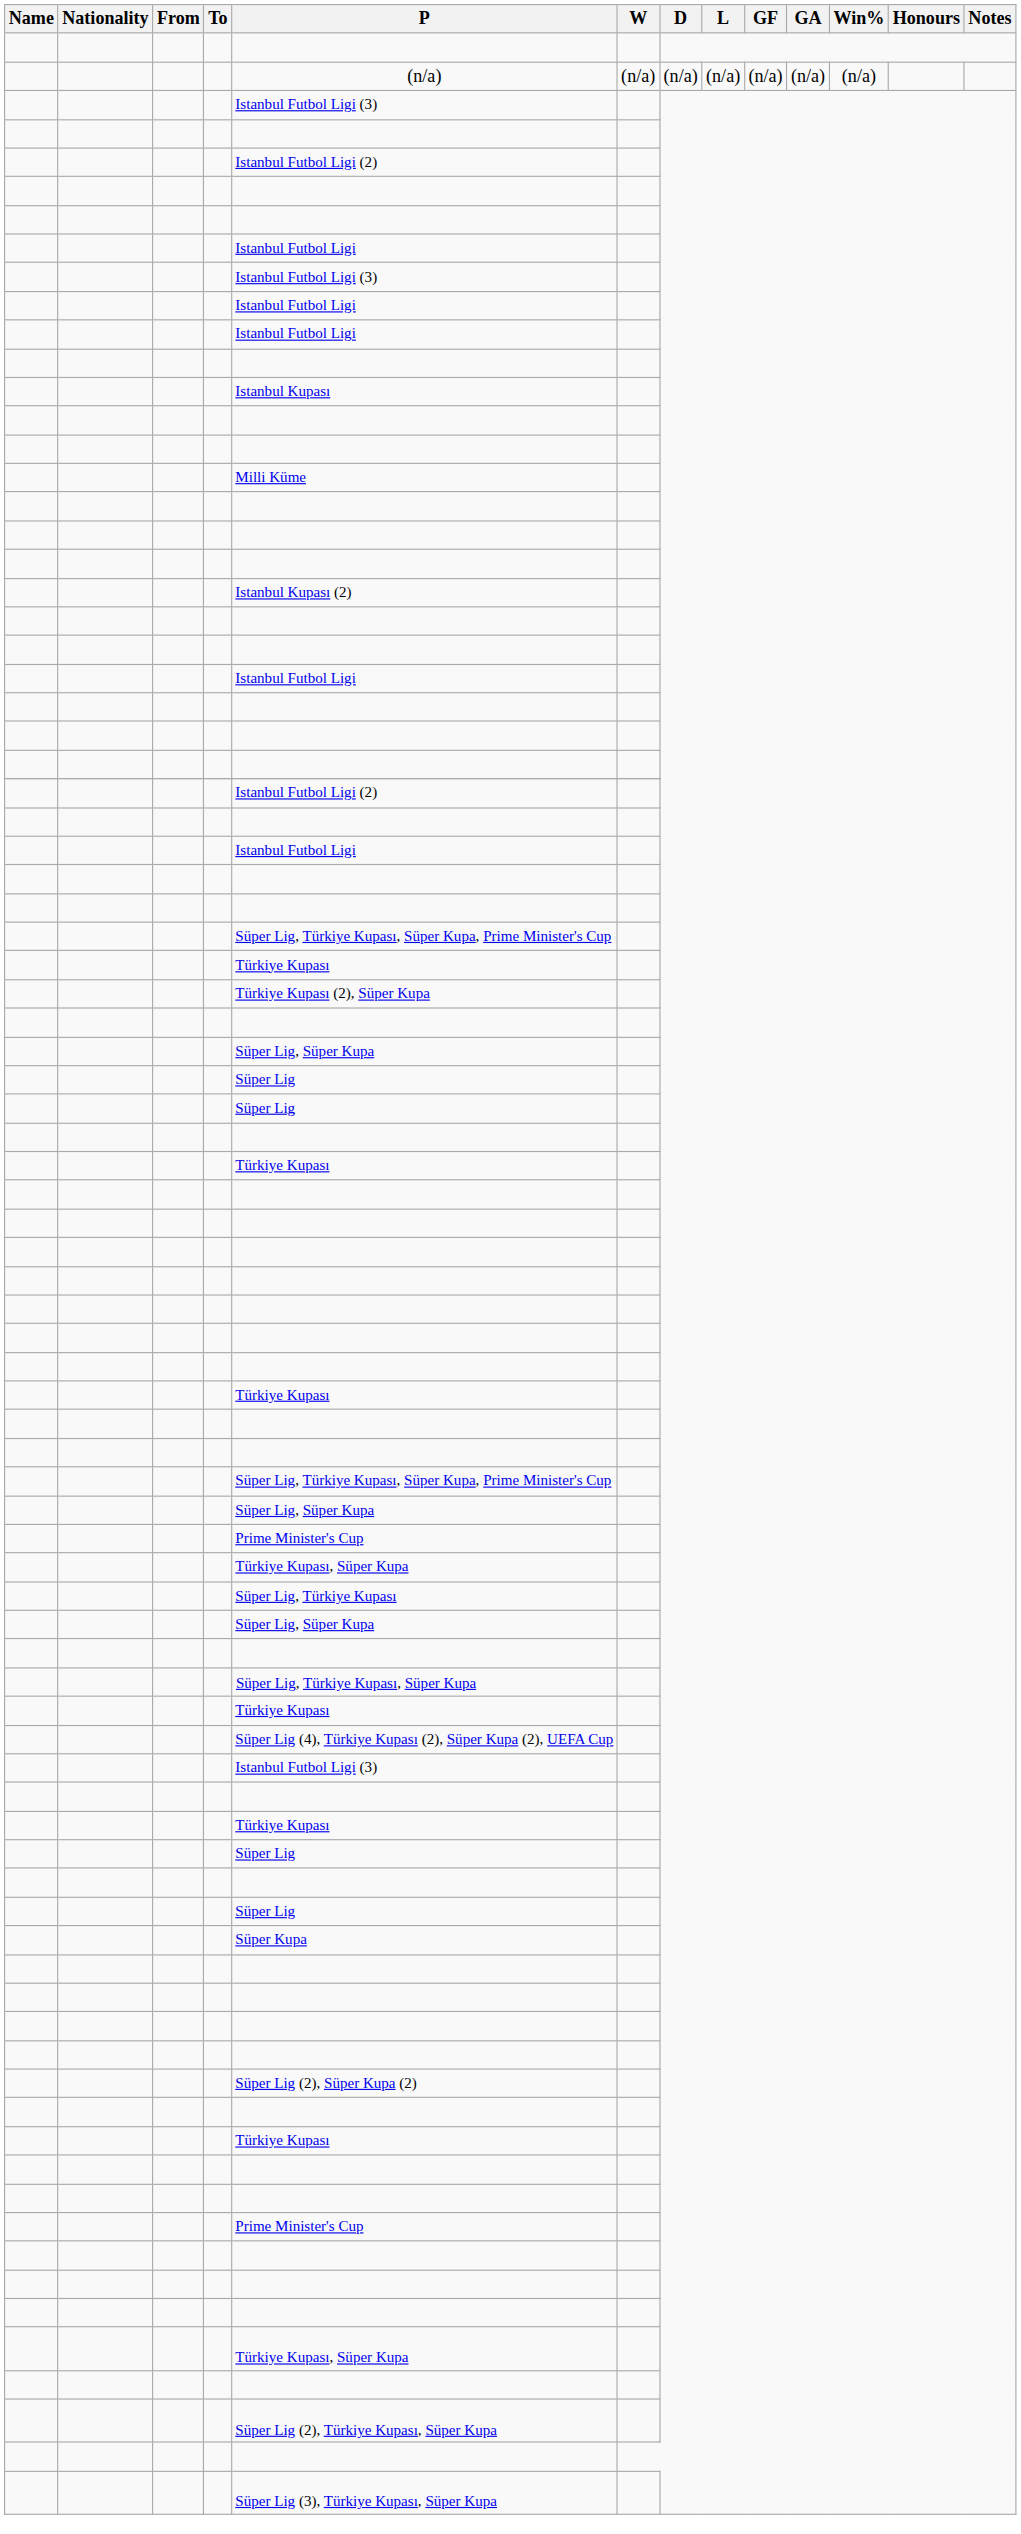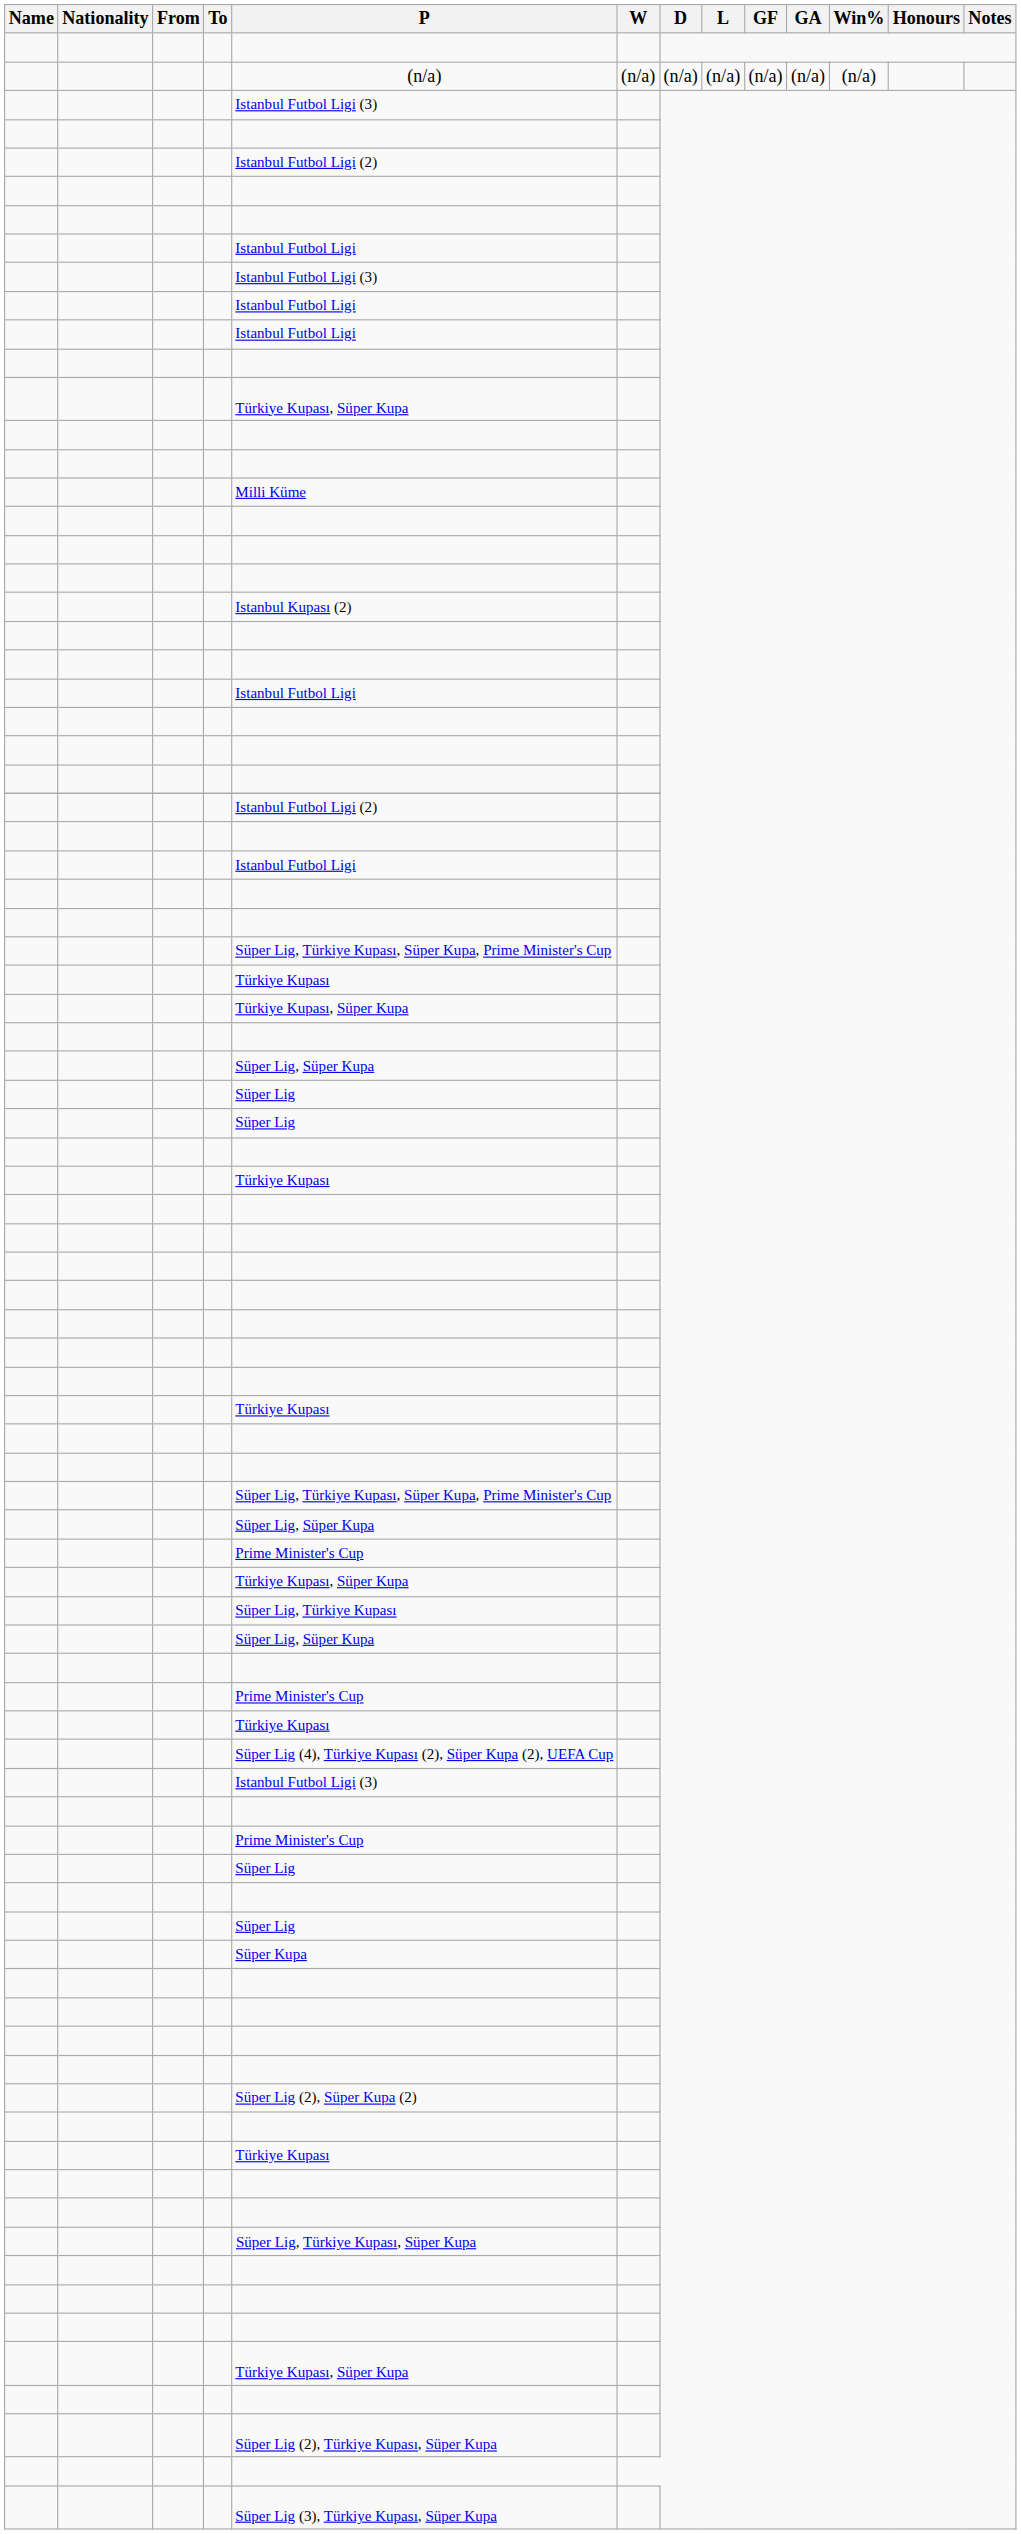 <table class="wikitable sortable">
 <tr>
 <th>Name</th>
 <th>Nationality</th>
 <th>From</th>
 <th class="unsortable">To</th>
 <th>P</th>
 <th>W</th>
 <th>D</th>
 <th>L</th>
 <th>GF</th>
 <th>GA</th>
 <th>Win%</th>
 <th class="unsortable">Honours</th>
 <th class="unsortable">Notes</th>
 </tr>
 <tr>
 <td align=left></td>
 <td></td>
 <td align=left></td>
 <td align=left><br></td>
 <td align=left></td>
 <td></td>
 </tr>
 <tr>
 <td align=left></td>
 <td></td>
 <td align=left></td>
 <td align=left></td>
 <td align=center>(n/a)</td>
 <td align=center>(n/a)</td>
 <td align=center>(n/a)</td>
 <td align=center>(n/a)</td>
 <td align=center>(n/a)</td>
 <td align=center>(n/a)</td>
 <td align=center>(n/a)</td>
 <td align=left></td>
 <td></td>
 </tr>
 <tr>
 <td align=left></td>
 <td></td>
 <td align=left></td>
 <td align=left><br></td>
 <td style="text-align:left;font-size:smaller"><a href='#'>Istanbul Futbol Ligi</a> (3)</td>
 <td></td>
 </tr>
 <tr>
 <td align=left></td>
 <td></td>
 <td align=left></td>
 <td align=left><br></td>
 <td align=left></td>
 <td></td>
 </tr>
 <tr>
 <td align=left></td>
 <td></td>
 <td align=left></td>
 <td align=left><br></td>
 <td style="text-align:left;font-size:smaller"><a href='#'>Istanbul Futbol Ligi</a> (2)</td>
 <td></td>
 </tr>
 <tr>
 <td align=left></td>
 <td></td>
 <td align=left></td>
 <td align=left><br></td>
 <td align=left></td>
 <td></td>
 </tr>
 <tr>
 <td align=left></td>
 <td></td>
 <td align=left></td>
 <td align=left><br></td>
 <td align=left></td>
 <td></td>
 </tr>
 <tr>
 <td align=left></td>
 <td></td>
 <td align=left></td>
 <td align=left><br></td>
 <td style="text-align:left;font-size:smaller"><a href='#'>Istanbul Futbol Ligi</a></td>
 <td></td>
 </tr>
 <tr>
 <td align=left></td>
 <td></td>
 <td align=left></td>
 <td align=left><br></td>
 <td style="text-align:left;font-size:smaller"><a href='#'>Istanbul Futbol Ligi</a> (3)</td>
 <td></td>
 </tr>
 <tr>
 <td align=left></td>
 <td></td>
 <td align=left></td>
 <td align=left><br></td>
 <td style="text-align:left;font-size:smaller"><a href='#'>Istanbul Futbol Ligi</a></td>
 <td></td>
 </tr>
 <tr>
 <td align=left></td>
 <td></td>
 <td align=left></td>
 <td align=left><br></td>
 <td style="text-align:left;font-size:smaller"><a href='#'>Istanbul Futbol Ligi</a></td>
 <td></td>
 </tr>
 <tr>
 <td align=left></td>
 <td></td>
 <td align=left></td>
 <td align=left><br></td>
 <td align=left></td>
 <td></td>
 </tr>
 <tr>
 <td align=left></td>
 <td></td>
 <td align=left></td>
 <td align=left><br></td>
-<td style="text-align:left;font-size:smaller"><a href='#'>Istanbul Kupası</a></td>
+<td style="text-align:left;font-size:smaller"><br><a href='#'>Türkiye Kupası</a>, <a href='#'>Süper Kupa</a></td>
 <td></td>
 </tr>
 <tr>
 <td align=left></td>
 <td></td>
 <td align=left></td>
 <td align=left><br></td>
 <td align=left></td>
 <td></td>
 </tr>
 <tr>
 <td align=left></td>
 <td></td>
 <td align=left></td>
 <td align=left><br></td>
 <td align=left></td>
 <td></td>
 </tr>
 <tr>
 <td align=left></td>
 <td></td>
 <td align=left></td>
 <td align=left><br></td>
 <td style="text-align:left;font-size:smaller"><a href='#'>Milli Küme</a></td>
 <td></td>
 </tr>
 <tr>
 <td align=left></td>
 <td></td>
 <td align=left></td>
 <td align=left><br></td>
 <td align=left></td>
 <td></td>
 </tr>
 <tr>
 <td align=left></td>
 <td></td>
 <td align=left></td>
 <td align=left><br></td>
 <td align=left></td>
 <td></td>
 </tr>
 <tr>
 <td align=left></td>
 <td></td>
 <td align=left></td>
 <td align=left><br></td>
 <td align=left></td>
 <td></td>
 </tr>
 <tr>
 <td align=left></td>
 <td></td>
 <td align=left></td>
 <td align=left><br></td>
 <td style="text-align:left;font-size:smaller"><a href='#'>Istanbul Kupası</a> (2)</td>
 <td></td>
 </tr>
 <tr>
 <td align=left></td>
 <td></td>
 <td align=left></td>
 <td align=left><br></td>
 <td align=left></td>
 <td></td>
 </tr>
 <tr>
 <td align=left></td>
 <td></td>
 <td align=left></td>
 <td align=left><br></td>
 <td align=left></td>
 <td></td>
 </tr>
 <tr>
 <td align=left></td>
 <td></td>
 <td align=left></td>
 <td align=left><br></td>
 <td style="text-align:left;font-size:smaller"><a href='#'>Istanbul Futbol Ligi</a></td>
 <td></td>
 </tr>
 <tr>
 <td align=left></td>
 <td></td>
 <td align=left></td>
 <td align=left><br></td>
 <td align=left></td>
 <td></td>
 </tr>
 <tr>
 <td align=left></td>
 <td></td>
 <td align=left></td>
 <td align=left><br></td>
 <td align=left></td>
 <td></td>
 </tr>
 <tr>
 <td align=left></td>
 <td></td>
 <td align=left></td>
 <td align=left><br></td>
 <td align=left></td>
 <td></td>
 </tr>
 <tr>
 </tr>
 <tr>
 <td align=left></td>
 <td></td>
 <td align=left></td>
 <td align=left><br></td>
 <td style="text-align:left;font-size:smaller"><a href='#'>Istanbul Futbol Ligi</a> (2)</td>
 <td></td>
 </tr>
 <tr>
 <td align=left></td>
 <td></td>
 <td align=left></td>
 <td align=left><br></td>
 <td align=left></td>
 <td></td>
 </tr>
 <tr>
 <td align=left></td>
 <td></td>
 <td align=left></td>
 <td align=left><br></td>
 <td style="text-align:left;font-size:smaller"><a href='#'>Istanbul Futbol Ligi</a></td>
 <td></td>
 </tr>
 <tr>
 <td align=left></td>
 <td></td>
 <td align=left></td>
 <td align=left><br></td>
 <td align=left></td>
 <td></td>
 </tr>
 <tr>
 <td align=left></td>
 <td></td>
 <td align=left></td>
 <td align=left><br></td>
 <td align=left></td>
 <td></td>
 </tr>
 <tr>
 <td align=left></td>
 <td></td>
 <td align=left></td>
 <td align=left><br></td>
 <td style="text-align:left;font-size:smaller"><a href='#'>Süper Lig</a>, <a href='#'>Türkiye Kupası</a>, <a href='#'>Süper Kupa</a>, <a href='#'>Prime Minister's Cup</a></td>
 <td></td>
 </tr>
 <tr>
 <td align=left></td>
 <td></td>
 <td align=left></td>
 <td align=left><br></td>
 <td style="text-align:left;font-size:smaller"><a href='#'>Türkiye Kupası</a></td>
 <td></td>
 </tr>
 <tr>
 <td align=left></td>
 <td></td>
 <td align=left></td>
 <td align=left><br></td>
-<td style="text-align:left;font-size:smaller"><a href='#'>Türkiye Kupası</a> (2), <a href='#'>Süper Kupa</a></td>
+<td style="text-align:left;font-size:smaller"><a href='#'>Türkiye Kupası</a>, <a href='#'>Süper Kupa</a></td>
 <td></td>
 </tr>
 <tr>
 <td align=left><br></td>
 <td></td>
 <td align=left></td>
 <td align=left><br></td>
 <td align=left></td>
 <td></td>
 </tr>
 <tr>
 <td align=left></td>
 <td></td>
 <td align=left></td>
 <td align=left><br></td>
 <td style="text-align:left;font-size:smaller"><a href='#'>Süper Lig</a>, <a href='#'>Süper Kupa</a></td>
 <td></td>
 </tr>
 <tr>
 <td align=left></td>
 <td></td>
 <td align=left></td>
 <td align=left><br></td>
 <td style="text-align:left;font-size:smaller"><a href='#'>Süper Lig</a></td>
 <td></td>
 </tr>
 <tr>
 <td align=left></td>
 <td></td>
 <td align=left></td>
 <td align=left><br></td>
 <td style="text-align:left;font-size:smaller"><a href='#'>Süper Lig</a></td>
 <td></td>
 </tr>
 <tr>
 <td align=left></td>
 <td></td>
 <td align=left></td>
 <td align=left><br></td>
 <td align=left></td>
 <td></td>
 </tr>
 <tr>
 <td align=left></td>
 <td></td>
 <td align=left></td>
 <td align=left><br></td>
 <td style="text-align:left;font-size:smaller"><a href='#'>Türkiye Kupası</a></td>
 <td></td>
 </tr>
 <tr>
 <td align=left></td>
 <td></td>
 <td align=left></td>
 <td align=left><br></td>
 <td align=left></td>
 <td></td>
 </tr>
 <tr>
 <td align=left></td>
 <td></td>
 <td align=left></td>
 <td align=left><br></td>
 <td align=left></td>
 <td></td>
 </tr>
 <tr>
 <td align=left></td>
 <td></td>
 <td align=left></td>
 <td align=left><br></td>
 <td align=left></td>
 <td></td>
 </tr>
 <tr>
 <td align=left></td>
 <td></td>
 <td align=left></td>
 <td align=left><br></td>
 <td align=left></td>
 <td></td>
 </tr>
 <tr>
 <td align=left> </td>
 <td></td>
 <td align=left></td>
 <td align=left><br></td>
 <td align=left></td>
 <td></td>
 </tr>
 <tr>
 <td align=left></td>
 <td></td>
 <td align=left></td>
 <td align=left><br></td>
 <td align=left></td>
 <td></td>
 </tr>
 <tr>
 <td align=left> </td>
 <td></td>
 <td align=left></td>
 <td align=left><br></td>
 <td align=left></td>
 <td></td>
 </tr>
 <tr>
 <td align=left></td>
 <td></td>
 <td align=left></td>
 <td align=left><br></td>
 <td style="text-align:left;font-size:smaller"><a href='#'>Türkiye Kupası</a></td>
 <td></td>
 </tr>
 <tr>
 <td align=left> </td>
 <td></td>
 <td align=left></td>
 <td align=left><br></td>
 <td align=left></td>
 <td></td>
 </tr>
 <tr>
 <td align=left></td>
 <td></td>
 <td align=left></td>
 <td align=left><br></td>
 <td align=left></td>
 <td></td>
 </tr>
 <tr>
 <td align=left></td>
 <td></td>
 <td align=left></td>
 <td align=left><br></td>
 <td style="text-align:left;font-size:smaller"><a href='#'>Süper Lig</a>, <a href='#'>Türkiye Kupası</a>, <a href='#'>Süper Kupa</a>, <a href='#'>Prime Minister's Cup</a></td>
 <td></td>
 </tr>
 <tr>
 <td align=left></td>
 <td></td>
 <td align=left></td>
 <td align=left><br></td>
 <td style="text-align:left;font-size:smaller"><a href='#'>Süper Lig</a>, <a href='#'>Süper Kupa</a></td>
 <td></td>
 </tr>
 <tr>
 <td align=left></td>
 <td></td>
 <td align=left></td>
 <td align=left><br></td>
 <td style="text-align:left;font-size:smaller"><a href='#'>Prime Minister's Cup</a></td>
 <td></td>
 </tr>
 <tr>
 <td align=left></td>
 <td></td>
 <td align=left></td>
 <td align=left><br></td>
 <td style="text-align:left;font-size:smaller"><a href='#'>Türkiye Kupası</a>, <a href='#'>Süper Kupa</a></td>
 <td></td>
 </tr>
 <tr>
 <td align=left></td>
 <td></td>
 <td align=left></td>
 <td align=left><br></td>
 <td style="text-align:left;font-size:smaller"><a href='#'>Süper Lig</a>, <a href='#'>Türkiye Kupası</a></td>
 <td></td>
 </tr>
 <tr>
 <td align=left></td>
 <td></td>
 <td align=left></td>
 <td align=left><br></td>
 <td style="text-align:left;font-size:smaller"><a href='#'>Süper Lig</a>, <a href='#'>Süper Kupa</a></td>
 <td></td>
 </tr>
 <tr>
 <td align=left></td>
 <td></td>
 <td align=left></td>
 <td align=left><br></td>
 <td align=left></td>
 <td></td>
 </tr>
 <tr>
 <td align=left> </td>
 <td></td>
 <td align=left></td>
 <td align=left><br></td>
-<td><small><a href='#'>Süper Lig</a>, <a href='#'>Türkiye Kupası</a>, <a href='#'>Süper Kupa</a></small></td>
+<td style="text-align:left;font-size:smaller"><a href='#'>Prime Minister's Cup</a></td>
 <td></td>
 </tr>
 <tr>
 <td align=left></td>
 <td></td>
 <td align=left></td>
 <td align=left><br></td>
 <td style="text-align:left;font-size:smaller"><a href='#'>Türkiye Kupası</a></td>
 <td></td>
 </tr>
 <tr>
 <td align=left></td>
 <td></td>
 <td align=left></td>
 <td align=left><br></td>
 <td style="text-align:left;font-size:smaller"><a href='#'>Süper Lig</a> (4), <a href='#'>Türkiye Kupası</a> (2), <a href='#'>Süper Kupa</a> (2), <a href='#'>UEFA Cup</a></td>
 <td></td>
 </tr>
 <tr>
 <td align=left></td>
 <td></td>
 <td align=left></td>
 <td align=left><br></td>
 <td style="text-align:left;font-size:smaller"><a href='#'>Istanbul Futbol Ligi</a> (3)</td>
 <td></td>
 </tr>
 <tr>
 <td align=left></td>
 <td></td>
 <td align=left></td>
 <td align=left><br></td>
 <td></td>
 <td></td>
 </tr>
 <tr>
 <td align=left></td>
 <td></td>
 <td align=left></td>
 <td align=left><br></td>
-<td style="text-align:left;font-size:smaller"><a href='#'>Türkiye Kupası</a></td>
+<td style="text-align:left;font-size:smaller"><a href='#'>Prime Minister's Cup</a></td>
 <td></td>
 </tr>
 <tr>
 <td align=left></td>
 <td></td>
 <td align=left></td>
 <td align=left><br></td>
 <td style="text-align:left;font-size:smaller"><a href='#'>Süper Lig</a></td>
 <td></td>
 </tr>
 <tr>
 <td align=left></td>
 <td></td>
 <td align=left></td>
 <td align=left><br></td>
 <td></td>
 <td></td>
 </tr>
 <tr>
 <td align=left> </td>
 <td></td>
 <td align=left></td>
 <td align=left><br></td>
 <td style="text-align:left;font-size:smaller"><a href='#'>Süper Lig</a></td>
 <td></td>
 </tr>
 <tr>
 <td align=left></td>
 <td></td>
 <td align=left></td>
 <td align=left><br></td>
 <td style="text-align:left;font-size:smaller"><a href='#'>Süper Kupa</a></td>
 <td></td>
 </tr>
 <tr>
 <td align=left></td>
 <td></td>
 <td align=left></td>
 <td align=left><br></td>
 <td></td>
 <td></td>
 </tr>
 <tr>
 <td align=left></td>
 <td></td>
 <td align=left></td>
 <td align=left><br></td>
 <td></td>
 <td></td>
 </tr>
 <tr>
 <td align=left></td>
 <td></td>
 <td align=left></td>
 <td align=left><br></td>
 <td></td>
 <td></td>
 </tr>
 <tr>
 <td align=left> </td>
 <td></td>
 <td align=left></td>
 <td align=left><br></td>
 <td align=left></td>
 <td></td>
 </tr>
 <tr>
 <td align=left></td>
 <td></td>
 <td align=left></td>
 <td align=left><br></td>
 <td style="text-align:left;font-size:smaller"><a href='#'>Süper Lig</a> (2), <a href='#'>Süper Kupa</a> (2)</td>
 <td></td>
 </tr>
 <tr>
 <td align=left> </td>
 <td></td>
 <td align=left></td>
 <td align=left><br></td>
 <td></td>
 <td></td>
 </tr>
 <tr>
 <td align=left></td>
 <td></td>
 <td align=left></td>
 <td align=left><br></td>
 <td style="text-align:left;font-size:smaller"><a href='#'>Türkiye Kupası</a></td>
 <td></td>
 </tr>
 <tr>
 <td align=left></td>
 <td></td>
 <td align=left></td>
 <td align=left><br></td>
 <td></td>
 <td></td>
 </tr>
 <tr>
 <td align=left> </td>
 <td></td>
 <td align=left></td>
 <td align=left><br></td>
 <td></td>
 <td></td>
 </tr>
 <tr>
 <td align=left></td>
 <td></td>
 <td align=left></td>
 <td align=left><br></td>
-<td style="text-align:left;font-size:smaller"><a href='#'>Prime Minister's Cup</a></td>
+<td><small><a href='#'>Süper Lig</a>, <a href='#'>Türkiye Kupası</a>, <a href='#'>Süper Kupa</a></small></td>
 <td></td>
 </tr>
 <tr>
 <td align=left> </td>
 <td></td>
 <td align=left></td>
 <td align=left><br></td>
 <td></td>
 <td></td>
 </tr>
 <tr>
 <td align=left></td>
 <td></td>
 <td align=left></td>
 <td align=left><br></td>
 <td></td>
 <td></td>
 </tr>
 <tr>
 <td align=left> </td>
 <td></td>
 <td align=left></td>
 <td align=left><br></td>
 <td></td>
 <td></td>
 </tr>
 <tr>
 <td align=left></td>
 <td></td>
 <td align=left></td>
 <td align=left><br></td>
 <td style="text-align:left;font-size:smaller"><br><a href='#'>Türkiye Kupası</a>, <a href='#'>Süper Kupa</a></td>
 <td></td>
 </tr>
 <tr>
 <td align=left></td>
 <td></td>
 <td align=left></td>
 <td align=left><br></td>
 <td style="text-align:left;font-size:smaller"></td>
 <td></td>
 </tr>
 <tr>
 <td align=left></td>
 <td></td>
 <td align=left></td>
 <td align=left><br></td>
 <td style="text-align:left;font-size:smaller"><br><a href='#'>Süper Lig</a> (2), <a href='#'>Türkiye Kupası</a>, <a href='#'>Süper Kupa</a></td>
 <td></td>
 </tr>
 <tr>
 <td align=left></td>
 <td></td>
 <td align=left></td>
 <td align=left><br></td>
 <td></td>
 </tr>
 <tr>
 <td align=left></td>
 <td></td>
 <td align=left></td>
 <td align=left><br></td>
 <td style="text-align:left;font-size:smaller"><br><a href='#'>Süper Lig</a> (3), <a href='#'>Türkiye Kupası</a>, <a href='#'>Süper Kupa</a></td>
 <td></td>
 </tr>
 </table>
